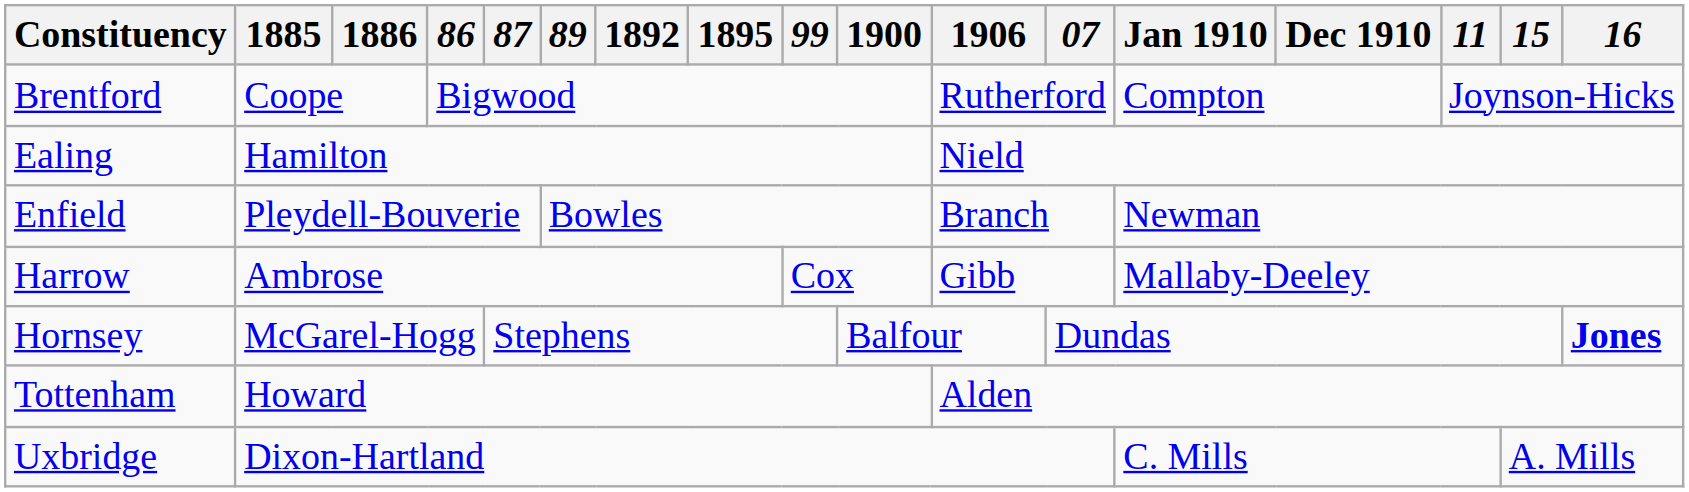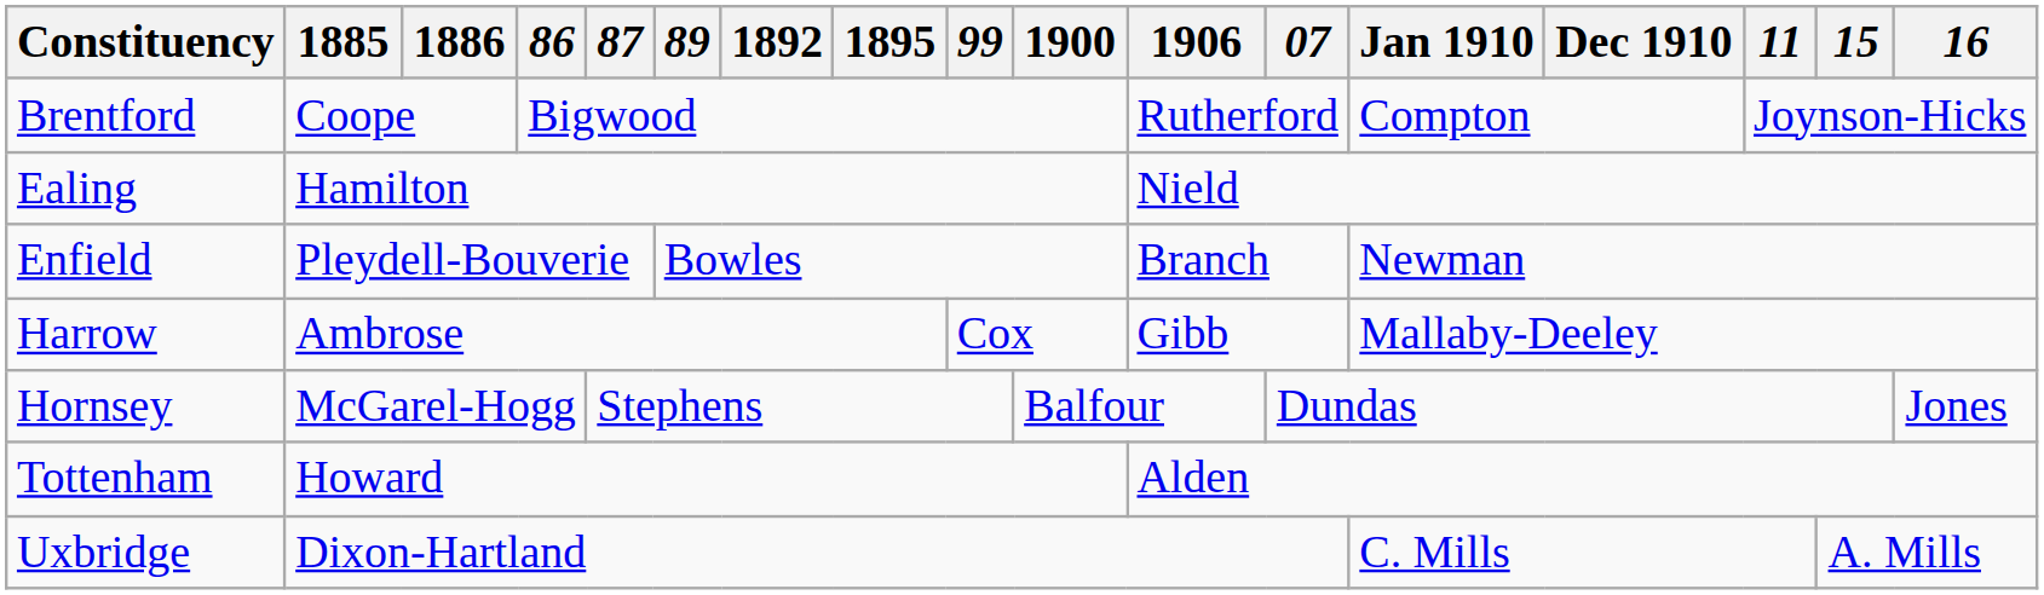 <table class="wikitable">
 <tr>
 <th>Constituency</th>
 <th>1885</th>
 <th>1886</th>
 <th><em>86</em></th>
 <th><em>87</em></th>
 <th><em>89</em></th>
 <th>1892</th>
 <th>1895</th>
 <th><em>99</em></th>
 <th>1900</th>
 <th>1906</th>
 <th><em>07</em></th>
 <th>Jan 1910</th>
 <th>Dec 1910</th>
 <th><em>11</em></th>
 <th><em>15</em></th>
 <th><em>16</em></th>
 </tr>
 <tr>
 <td><a href='#'>Brentford</a></td>
 <td colspan="2"><a href='#'>Coope</a></td>
 <td colspan="7"><a href='#'>Bigwood</a></td>
 <td colspan="2"><a href='#'>Rutherford</a></td>
 <td colspan="2"><a href='#'>Compton</a></td>
 <td colspan="3"><a href='#'>Joynson-Hicks</a></td>
 </tr>
 <tr>
 <td><a href='#'>Ealing</a></td>
 <td colspan="9"><a href='#'>Hamilton</a></td>
 <td colspan="7"><a href='#'>Nield</a></td>
 </tr>
 <tr>
 <td><a href='#'>Enfield</a></td>
 <td colspan="4"><a href='#'>Pleydell-Bouverie</a></td>
 <td colspan="5"><a href='#'>Bowles</a></td>
 <td colspan="2"><a href='#'>Branch</a></td>
 <td colspan="5"><a href='#'>Newman</a></td>
 </tr>
 <tr>
 <td><a href='#'>Harrow</a></td>
 <td colspan="7"><a href='#'>Ambrose</a></td>
 <td colspan="2"><a href='#'>Cox</a></td>
 <td colspan="2"><a href='#'>Gibb</a></td>
 <td colspan="5"><a href='#'>Mallaby-Deeley</a></td>
 </tr>
 <tr>
 <td><a href='#'>Hornsey</a></td>
 <td colspan="3"><a href='#'>McGarel-Hogg</a></td>
 <td colspan="5"><a href='#'>Stephens</a></td>
 <td colspan="2"><a href='#'>Balfour</a></td>
 <td colspan="5"><a href='#'>Dundas</a></td>
-<td><strong><a href='#'>Jones</a></strong></td>
+<td><a href='#'>Jones</a></td>
 </tr>
 <tr>
 <td><a href='#'>Tottenham</a></td>
 <td colspan="9"><a href='#'>Howard</a></td>
 <td colspan="7"><a href='#'>Alden</a></td>
 </tr>
 <tr>
 <td><a href='#'>Uxbridge</a></td>
 <td colspan="11"><a href='#'>Dixon-Hartland</a></td>
 <td colspan="3"><a href='#'>C. Mills</a></td>
 <td colspan="2"><a href='#'>A. Mills</a></td>
 </tr>
 </table>
